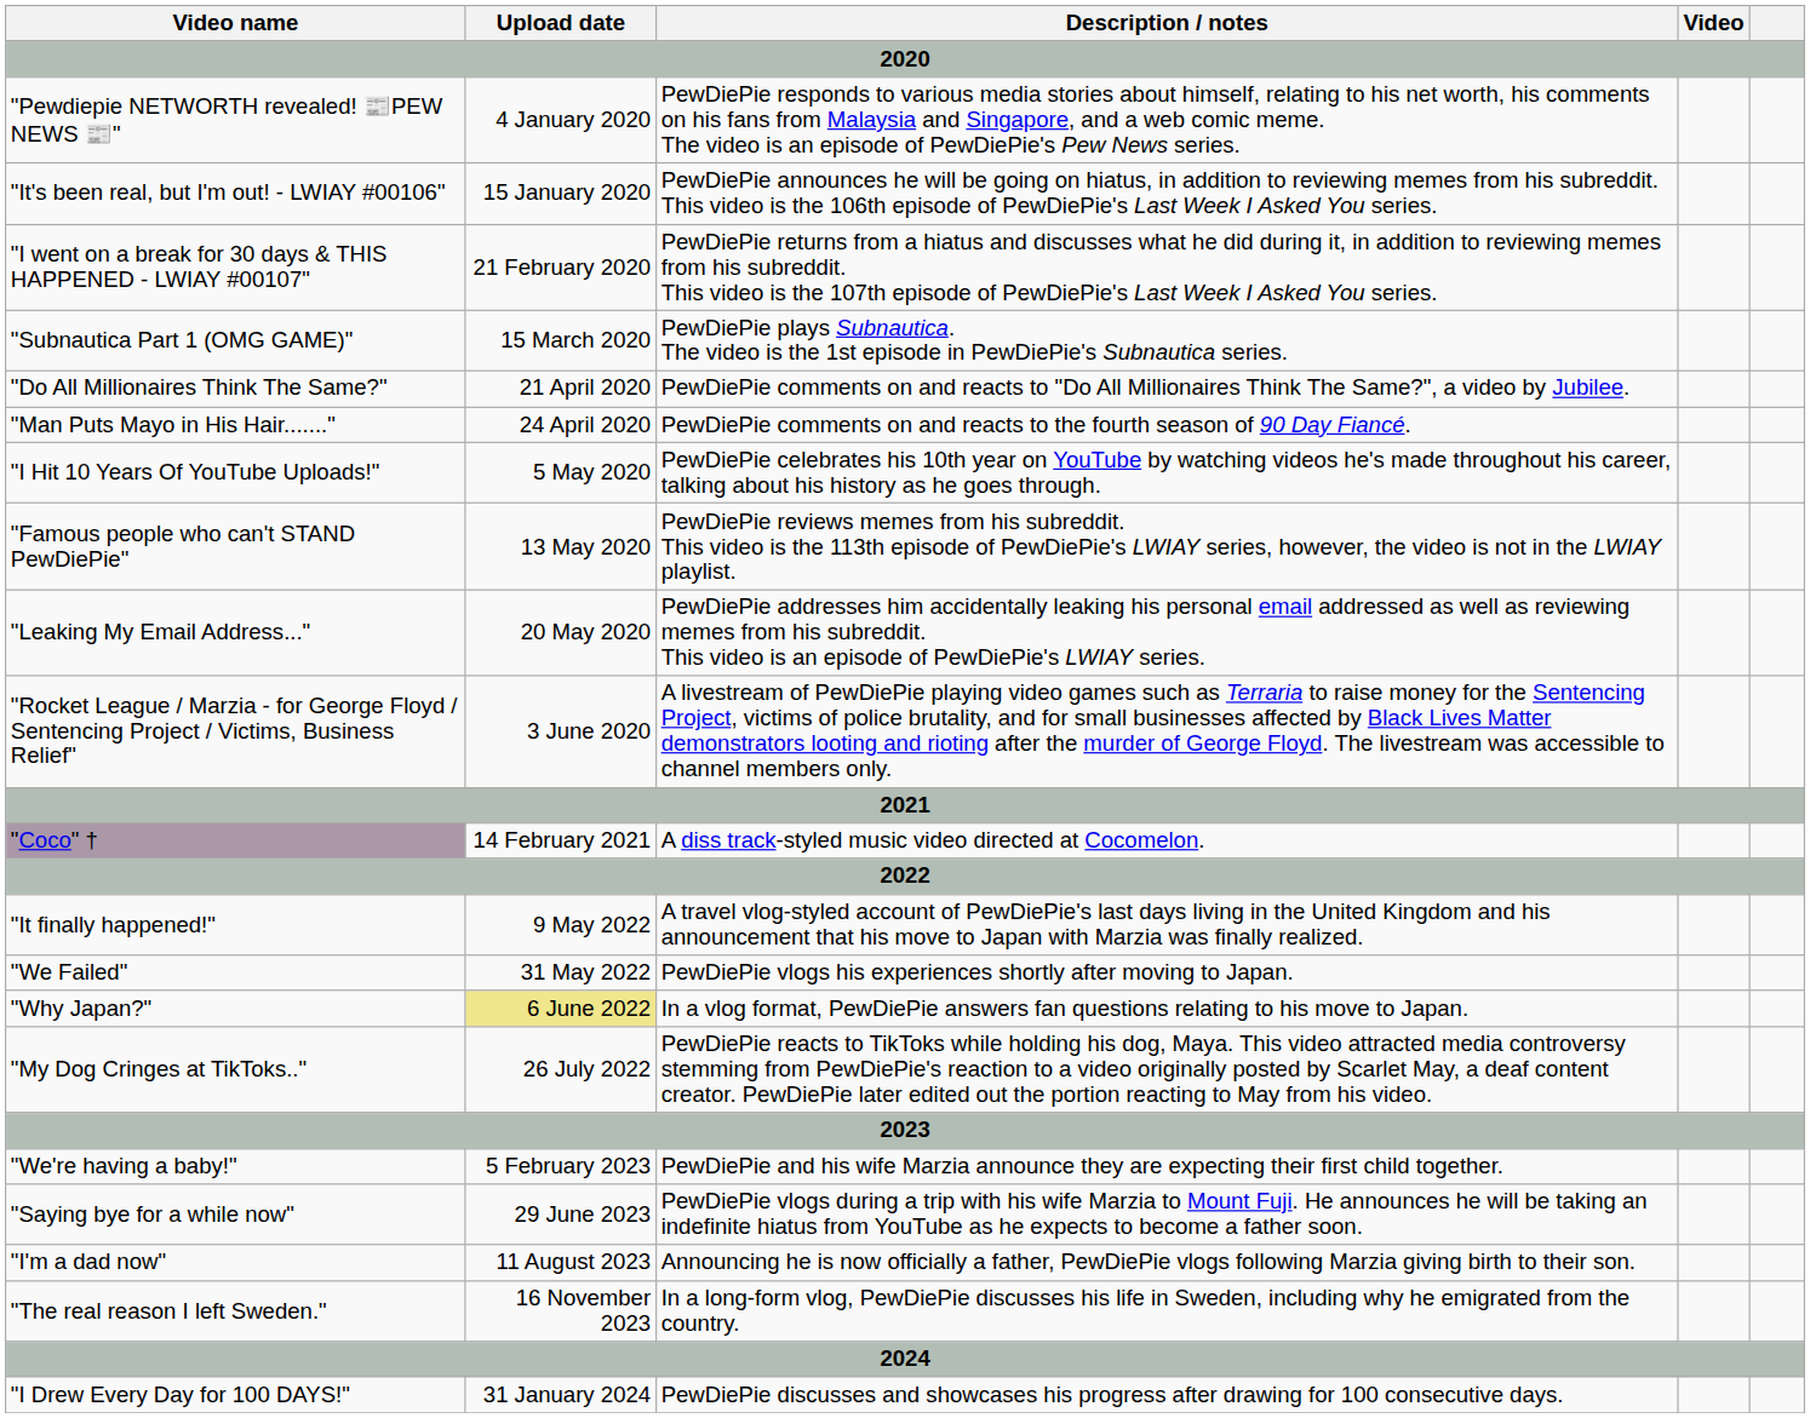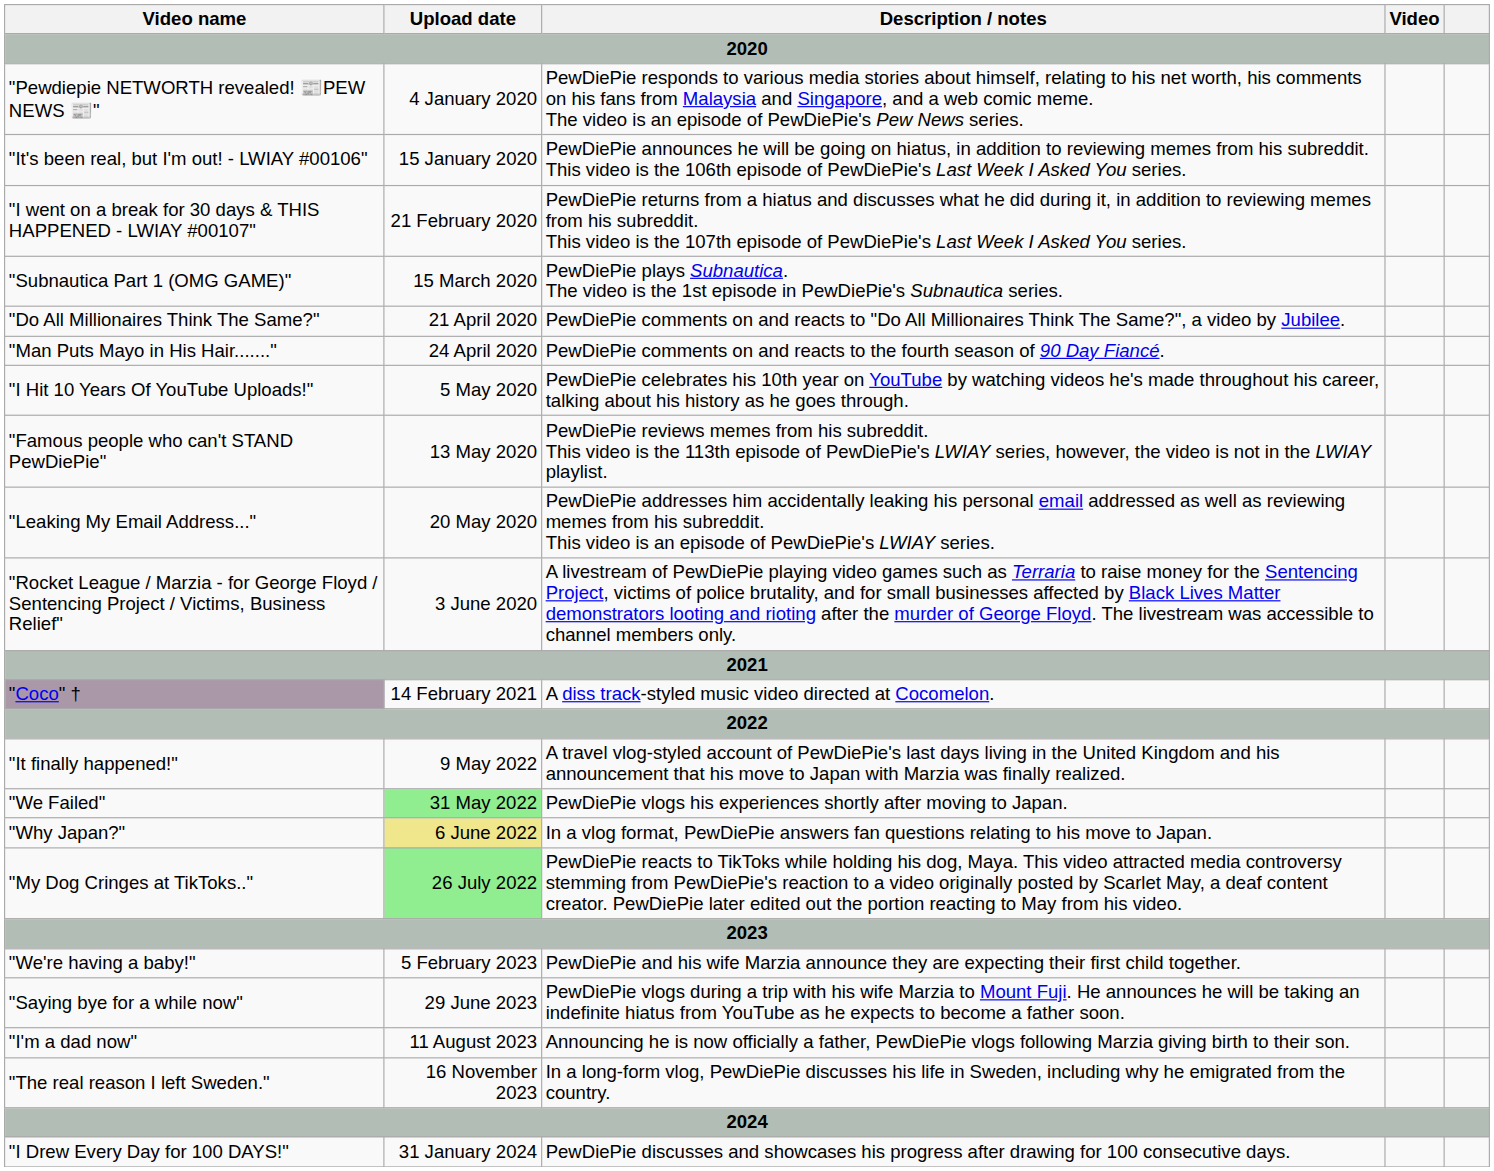 <table class="wikitable sortable">
 <tr>
 <th style="width:20em;">Video name</th>
 <th style="width:8em;" align="center" data-sort-type=date>Upload date</th>
 <th style="width:45em;" class="unsortable">Description / notes</th>
 <th style="width:2em;" class="unsortable">Video</th>
 <th style="width:2em;" class="unsortable"></th>
 </tr>
 <tr>
 <td style="background:#B2BEB5;" align="center" colspan="5"><b>2020 </b></td>
 </tr>
 <tr>
 <td>"Pewdiepie NETWORTH revealed! 📰PEW NEWS 📰"</td>
 <td align="right">4 January 2020</td>
 <td>PewDiePie responds to various media stories about himself, relating to his net worth, his comments on his fans from <a href='#'>Malaysia</a> and <a href='#'>Singapore</a>, and a web comic meme.<br>The video is an episode of PewDiePie's <em>Pew News</em> series.</td>
 <td align="center"></td>
 <td align="center"></td>
 </tr>
 <tr>
 <td>"It's been real, but I'm out! - LWIAY #00106"</td>
 <td align="right">15 January 2020</td>
 <td>PewDiePie announces he will be going on hiatus, in addition to reviewing memes from his subreddit.<br>This video is the 106th episode of PewDiePie's <em>Last Week I Asked You</em> series.</td>
 <td align="center"></td>
 <td align="center"></td>
 </tr>
 <tr>
 <td>"I went on a break for 30 days & THIS HAPPENED - LWIAY #00107"</td>
 <td align="right">21 February 2020</td>
 <td>PewDiePie returns from a hiatus and discusses what he did during it, in addition to reviewing memes from his subreddit.<br>This video is the 107th episode of PewDiePie's <em>Last Week I Asked You</em> series.</td>
 <td align="center"></td>
 <td align="center"></td>
 </tr>
 <tr>
 <td>"Subnautica Part 1 (OMG GAME)"</td>
 <td align="right">15 March 2020</td>
 <td>PewDiePie plays <em><a href='#'>Subnautica</a></em>.<br>The video is the 1st episode in PewDiePie's <em>Subnautica</em> series.</td>
 <td align="center"></td>
 <td align="center"></td>
 </tr>
 <tr>
 <td>"Do All Millionaires Think The Same?"</td>
 <td align="right">21 April 2020</td>
 <td>PewDiePie comments on and reacts to "Do All Millionaires Think The Same?", a video by <a href='#'>Jubilee</a>.</td>
 <td align="center"></td>
 <td align="center"></td>
 </tr>
 <tr>
 <td>"Man Puts Mayo in His Hair......."</td>
 <td align="right">24 April 2020</td>
 <td>PewDiePie comments on and reacts to the fourth season of <em><a href='#'>90 Day Fiancé</a></em>.</td>
 <td align="center"></td>
 <td align="center"></td>
 </tr>
 <tr>
 <td>"I Hit 10 Years Of YouTube Uploads!"</td>
 <td align="right">5 May 2020</td>
 <td>PewDiePie celebrates his 10th year on <a href='#'>YouTube</a> by watching videos he's made throughout his career, talking about his history as he goes through.</td>
 <td align="center"></td>
 <td align="center"></td>
 </tr>
 <tr>
 <td>"Famous people who can't STAND PewDiePie"</td>
 <td align="right">13 May 2020</td>
 <td>PewDiePie reviews memes from his subreddit.<br>This video is the 113th episode of PewDiePie's <em>LWIAY</em> series, however, the video is not in the <em>LWIAY</em> playlist.</td>
 <td align="center"></td>
 <td align="center"></td>
 </tr>
 <tr>
 <td>"Leaking My Email Address..."</td>
 <td align="right">20 May 2020</td>
 <td>PewDiePie addresses him accidentally leaking his personal <a href='#'>email</a> addressed as well as reviewing memes from his subreddit.<br>This video is an episode of PewDiePie's <em>LWIAY</em> series.</td>
 <td align="center"></td>
 <td align="center"></td>
 </tr>
 <tr>
 <td>"Rocket League / Marzia - for George Floyd / Sentencing Project / Victims, Business Relief"</td>
 <td align="right">3 June 2020</td>
 <td>A livestream of PewDiePie playing video games such as <em><a href='#'>Terraria</a></em> to raise money for the <a href='#'>Sentencing Project</a>, victims of police brutality, and for small businesses affected by <a href='#'>Black Lives Matter</a> <a href='#'>demonstrators looting and rioting</a> after the <a href='#'>murder of George Floyd</a>. The livestream was accessible to channel members only.</td>
 <td align="center"></td>
 <td align="center"></td>
 </tr>
 <tr>
 <td style="background:#B2BEB5;" align="center" colspan="5"><b>2021 </b></td>
 </tr>
 <tr>
 <td style="background:#AA98A9;">"<a href='#'>Coco</a>" †</td>
 <td align="right">14 February 2021</td>
 <td>A <a href='#'>diss track</a>-styled music video directed at <a href='#'>Cocomelon</a>.</td>
 <td align="center"></td>
 <td align="center"></td>
 </tr>
 <tr>
 <td style="background:#B2BEB5;" align="center" colspan="5"><b>2022 </b></td>
 </tr>
 <tr>
 <td>"It finally happened!"</td>
 <td align="right">9 May 2022</td>
 <td>A travel vlog-styled account of PewDiePie's last days living in the United Kingdom and his announcement that his move to Japan with Marzia was finally realized.</td>
 <td align="center"></td>
 <td align="center"></td>
 </tr>
 <tr>
 <td>"We Failed"</td>
-<td align="right">31 May 2022</td>
+<td align="right" style="background: lightgreen;">31 May 2022</td>
 <td>PewDiePie vlogs his experiences shortly after moving to Japan.</td>
 <td align="center"></td>
 <td align="center"></td>
 </tr>
 <tr>
 <td>"Why Japan?"</td>
 <td align="right" style="background: khaki;">6 June 2022</td>
 <td>In a vlog format, PewDiePie answers fan questions relating to his move to Japan.</td>
 <td align="center"></td>
 <td align="center"></td>
 </tr>
 <tr>
 <td>"My Dog Cringes at TikToks.."</td>
-<td align="right">26 July 2022</td>
+<td align="right" style="background: lightgreen;">26 July 2022</td>
 <td>PewDiePie reacts to TikToks while holding his dog, Maya. This video attracted media controversy stemming from PewDiePie's reaction to a video originally posted by Scarlet May, a deaf content creator. PewDiePie later edited out the portion reacting to May from his video.</td>
 <td align="center"></td>
 <td align="center"></td>
 </tr>
 <tr>
 <td style="background:#B2BEB5;" align="center" colspan="5"><b>2023</b></td>
 </tr>
 <tr>
 <td>"We're having a baby!"</td>
 <td align="right">5 February 2023</td>
 <td>PewDiePie and his wife Marzia announce they are expecting their first child together.</td>
 <td align="center"></td>
 <td align="center"></td>
 </tr>
 <tr>
 <td>"Saying bye for a while now"</td>
 <td align="right">29 June 2023</td>
 <td>PewDiePie vlogs during a trip with his wife Marzia to <a href='#'>Mount Fuji</a>. He announces he will be taking an indefinite hiatus from YouTube as he expects to become a father soon.</td>
 <td align="center"></td>
 <td align="center"></td>
 </tr>
 <tr>
 <td>"I'm a dad now"</td>
 <td align="right">11 August 2023</td>
 <td>Announcing he is now officially a father, PewDiePie vlogs following Marzia giving birth to their son.</td>
 <td align="center"></td>
 <td align="center"></td>
 </tr>
 <tr>
 <td>"The real reason I left Sweden."</td>
 <td align="right">16 November 2023</td>
 <td>In a long-form vlog, PewDiePie discusses his life in Sweden, including why he emigrated from the country.</td>
 <td align="center"></td>
 <td align="center"></td>
 </tr>
 <tr>
 <td style="background:#B2BEB5;" align="center" colspan="5"><b>2024</b></td>
 </tr>
 <tr>
 <td>"I Drew Every Day for 100 DAYS!"</td>
 <td align="right">31 January 2024</td>
 <td>PewDiePie discusses and showcases his progress after drawing for 100 consecutive days.</td>
 <td align="center"></td>
 <td align="center"></td>
 </tr>
 </table>
